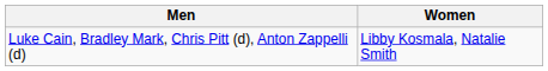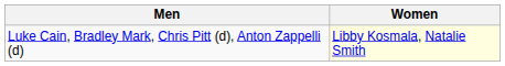 <table class="wikitable">
 <tr>
 <th>Men</th>
 <th>Women</th>
 </tr>
 <tr>
 <td><a href='#'>Luke Cain</a>, <a href='#'>Bradley Mark</a>, <a href='#'>Chris Pitt</a> (d), <a href='#'>Anton Zappelli</a> (d) <br></td>
-<td><a href='#'>Libby Kosmala</a>, <a href='#'>Natalie Smith</a></td>
+<td style="background: lightyellow;"><a href='#'>Libby Kosmala</a>, <a href='#'>Natalie Smith</a></td>
 </tr>
 </table>
